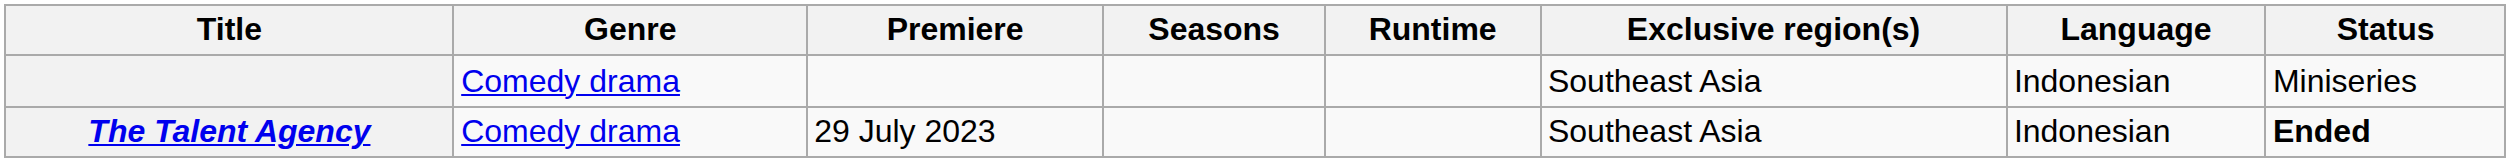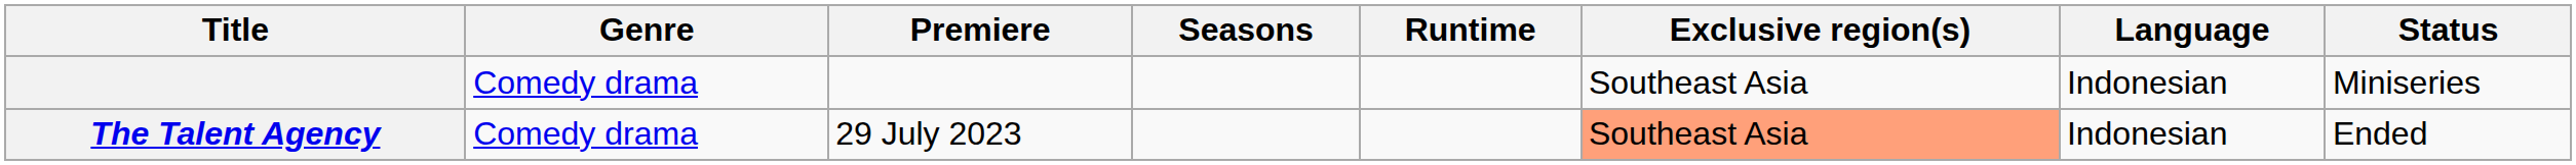 <table class="wikitable plainrowheaders sortable" style="width:99%;">
 <tr>
 <th>Title</th>
 <th>Genre</th>
 <th>Premiere</th>
 <th>Seasons</th>
 <th>Runtime</th>
 <th>Exclusive region(s)</th>
 <th>Language</th>
 <th>Status</th>
 </tr>
 <tr>
 <th scope="row"><em></em></th>
 <td><a href='#'>Comedy drama</a></td>
 <td></td>
 <td></td>
 <td></td>
 <td>Southeast Asia</td>
 <td>Indonesian</td>
 <td>Miniseries</td>
 </tr>
 <tr>
 <th scope="row"><em><a href='#'>The Talent Agency</a></em></th>
 <td><a href='#'>Comedy drama</a></td>
 <td>29 July 2023</td>
 <td></td>
 <td></td>
-<td>Southeast Asia</td>
+<td style="background: lightsalmon;">Southeast Asia</td>
 <td>Indonesian</td>
-<td><strong>Ended</strong></td>
+<td>Ended</td>
 </tr>
 <tr>
 </tr>
 </table>
